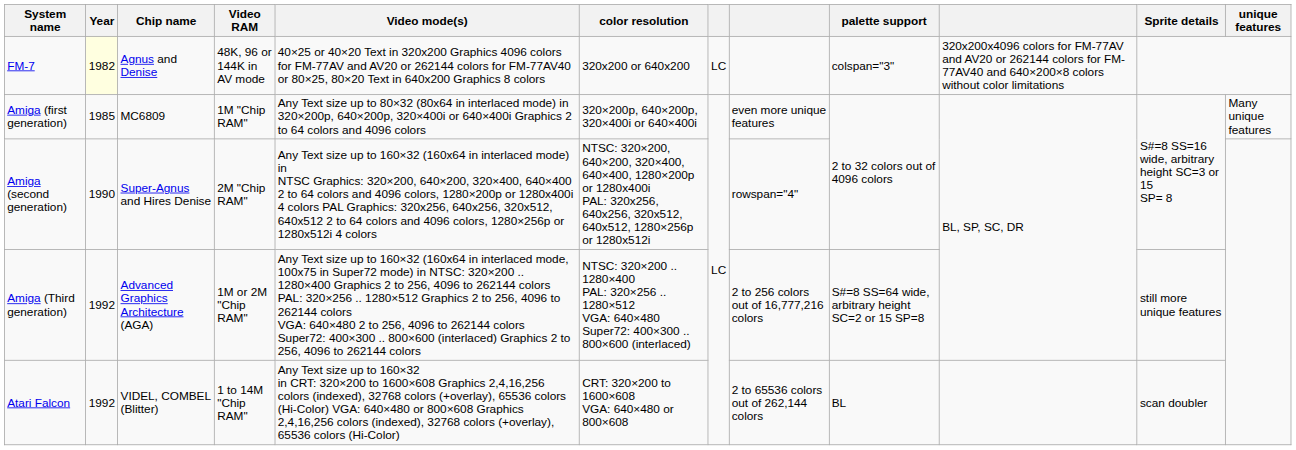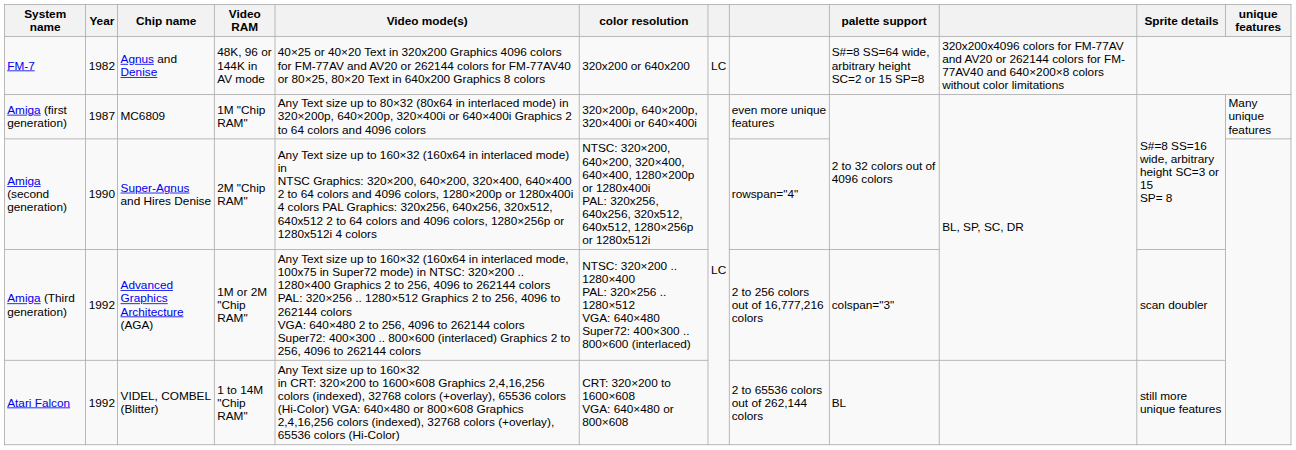 <table class="wikitable" style="font-size: 90%">
 <tr>
 <th>System name</th>
 <th>Year</th>
 <th>Chip name</th>
 <th>Video RAM</th>
 <th>Video mode(s)</th>
 <th>color resolution</th>
 <th></th>
 <th></th>
 <th>palette support</th>
 <th></th>
 <th>Sprite details</th>
 <th>unique features</th>
 </tr>
 <tr>
 <td><a href='#'>FM-7</a></td>
-<td style="background: lightyellow;">1982</td>
+<td>1982</td>
 <td><a href='#'>Agnus</a> and <a href='#'>Denise</a></td>
 <td>48K, 96 or 144K in AV mode</td>
 <td>40×25 or 40×20 Text in 320x200 Graphics 4096 colors for FM-77AV and AV20 or 262144 colors for FM-77AV40 or 80×25, 80×20 Text in 640x200 Graphics 8 colors</td>
 <td>320x200 or 640x200</td>
 <td>LC</td>
 <td></td>
-<td>colspan="3" </td>
+<td>S#=8 SS=64 wide, arbitrary height SC=2 or 15 SP=8</td>
 <td>320x200x4096 colors for FM-77AV and AV20 or 262144 colors for FM-77AV40 and 640×200×8 colors without color limitations</td>
 </tr>
 <tr>
 <td><a href='#'>Amiga</a> (first generation)</td>
-<td>1985</td>
+<td>1987</td>
 <td>MC6809</td>
 <td>1M "Chip RAM"</td>
 <td>Any Text size up to 80×32 (80x64 in interlaced mode) in 320×200p, 640×200p, 320×400i or 640×400i Graphics 2 to 64 colors and 4096 colors</td>
 <td>320×200p, 640×200p, 320×400i or 640×400i</td>
 <td rowspan="4">LC</td>
 <td>even more unique features</td>
 <td rowspan="2">2 to 32 colors out of 4096 colors</td>
 <td rowspan="3">BL, SP, SC, DR</td>
 <td rowspan="2">S#=8  SS=16 wide, arbitrary height SC=3 or 15<br> SP= 8</td>
 <td>Many unique features</td>
 </tr>
 <tr>
 <td><a href='#'>Amiga</a> (second generation)</td>
 <td>1990</td>
 <td><a href='#'>Super-Agnus</a> and Hires Denise</td>
 <td>2M "Chip RAM"</td>
 <td>Any Text size up to 160×32 (160x64 in interlaced mode) in<br>NTSC Graphics: 320×200, 640×200, 320×400, 640×400 2 to 64 colors and 4096 colors, 1280×200p or 1280x400i 4 colors PAL Graphics: 320x256, 640x256, 320x512, 640x512 2 to 64 colors and 4096 colors, 1280×256p or 1280x512i 4 colors</td>
 <td>NTSC: 320×200, 640×200, 320×400, 640×400, 1280×200p or 1280x400i<br>PAL: 320x256, 640x256, 320x512, 640x512, 1280×256p or 1280x512i</td>
 <td>rowspan="4" </td>
 </tr>
 <tr>
 <td><a href='#'>Amiga</a> (Third generation)</td>
 <td>1992</td>
 <td><a href='#'>Advanced Graphics Architecture</a> (AGA)</td>
 <td>1M or 2M "Chip RAM"</td>
 <td>Any Text size up to 160×32 (160x64 in interlaced mode, 100x75 in Super72 mode) in NTSC: 320×200 .. 1280×400 Graphics 2 to 256, 4096 to 262144 colors<br>PAL: 320×256 .. 1280×512 Graphics 2 to 256, 4096 to 262144 colors<br>VGA: 640×480 2 to 256, 4096 to 262144 colors<br>Super72: 400×300 .. 800×600 (interlaced) Graphics 2 to 256, 4096 to 262144 colors</td>
 <td>NTSC: 320×200 .. 1280×400<br>PAL: 320×256 .. 1280×512<br>VGA: 640×480<br>Super72: 400×300 .. 800×600 (interlaced)</td>
 <td>2 to 256 colors out of 16,777,216 colors</td>
-<td>S#=8 SS=64 wide, arbitrary height SC=2 or 15 SP=8</td>
-<td>still more unique features</td>
+<td>colspan="3" </td>
+<td>scan doubler</td>
 </tr>
 <tr>
 <td><a href='#'>Atari Falcon</a></td>
 <td>1992</td>
 <td>VIDEL, COMBEL (Blitter)</td>
 <td>1 to 14M "Chip RAM"</td>
 <td>Any Text size up to 160×32<br>in CRT: 320×200 to 1600×608 Graphics 2,4,16,256 colors (indexed), 32768 colors (+overlay), 65536 colors (Hi-Color) VGA: 640×480 or 800×608 Graphics 2,4,16,256 colors (indexed), 32768 colors (+overlay), 65536 colors (Hi-Color)</td>
 <td>CRT: 320×200 to 1600×608<br>VGA: 640×480 or 800×608</td>
 <td>2 to 65536 colors out of 262,144 colors</td>
 <td>BL</td>
 <td></td>
-<td>scan doubler</td>
+<td>still more unique features</td>
 </tr>
 </table>
